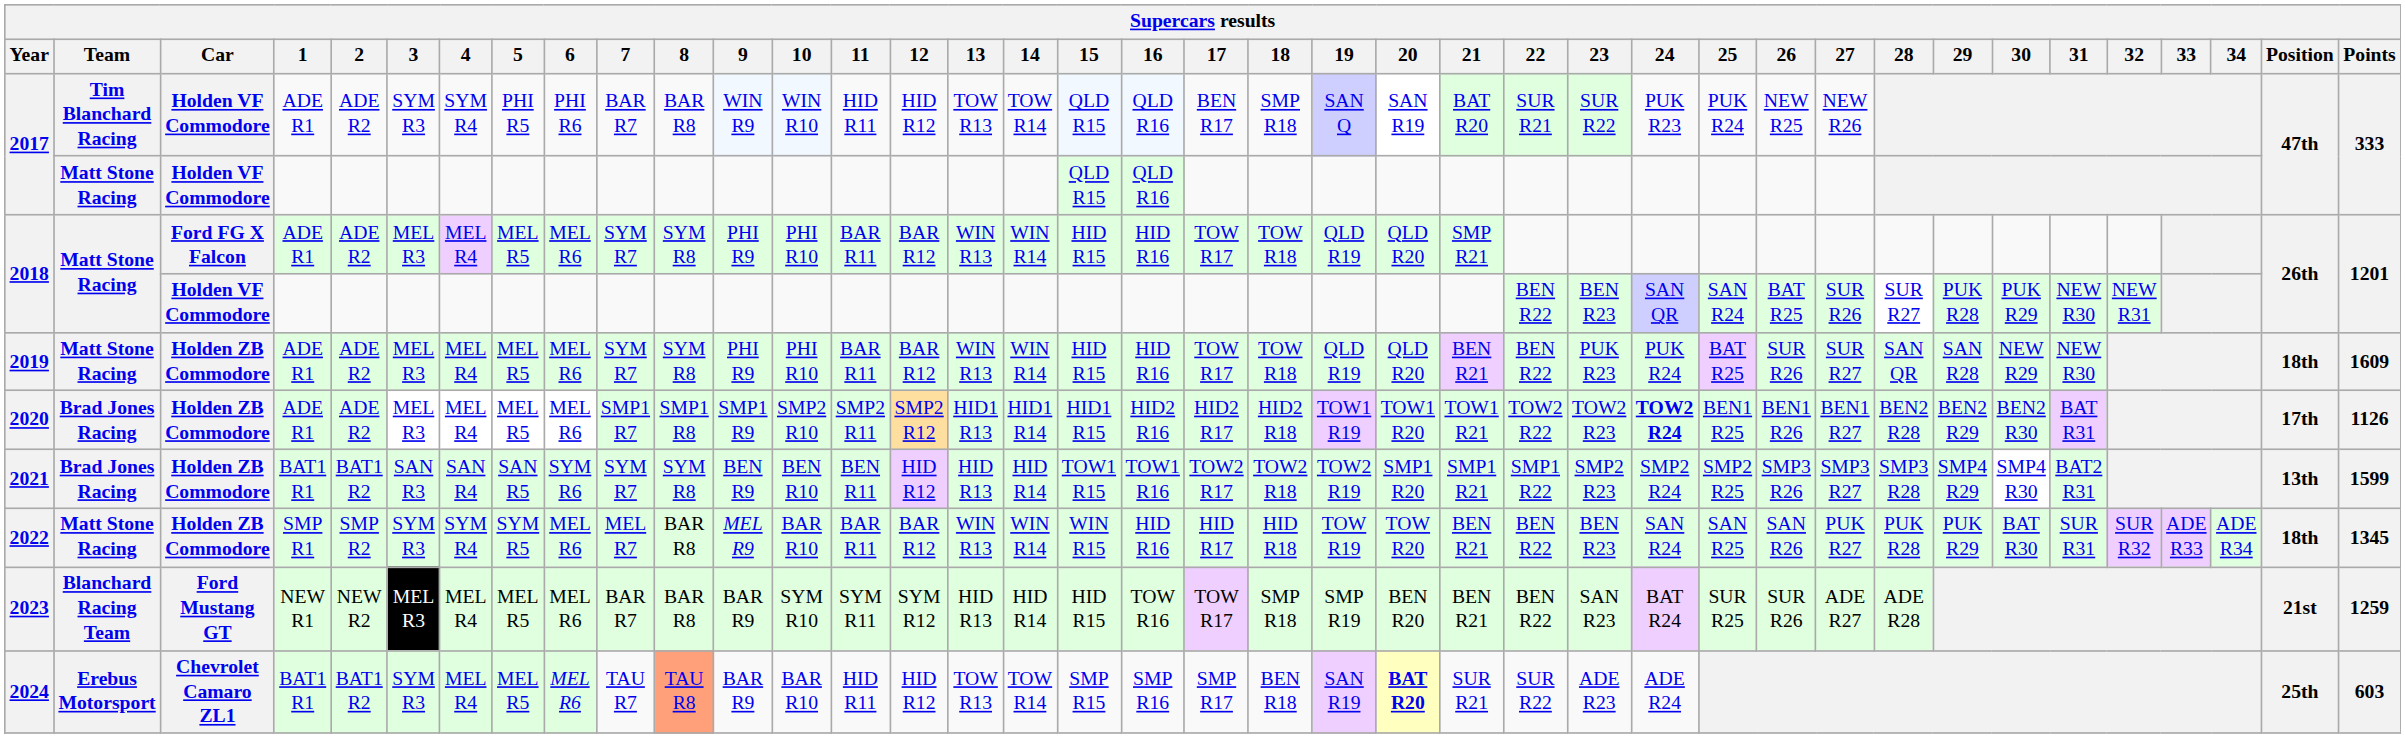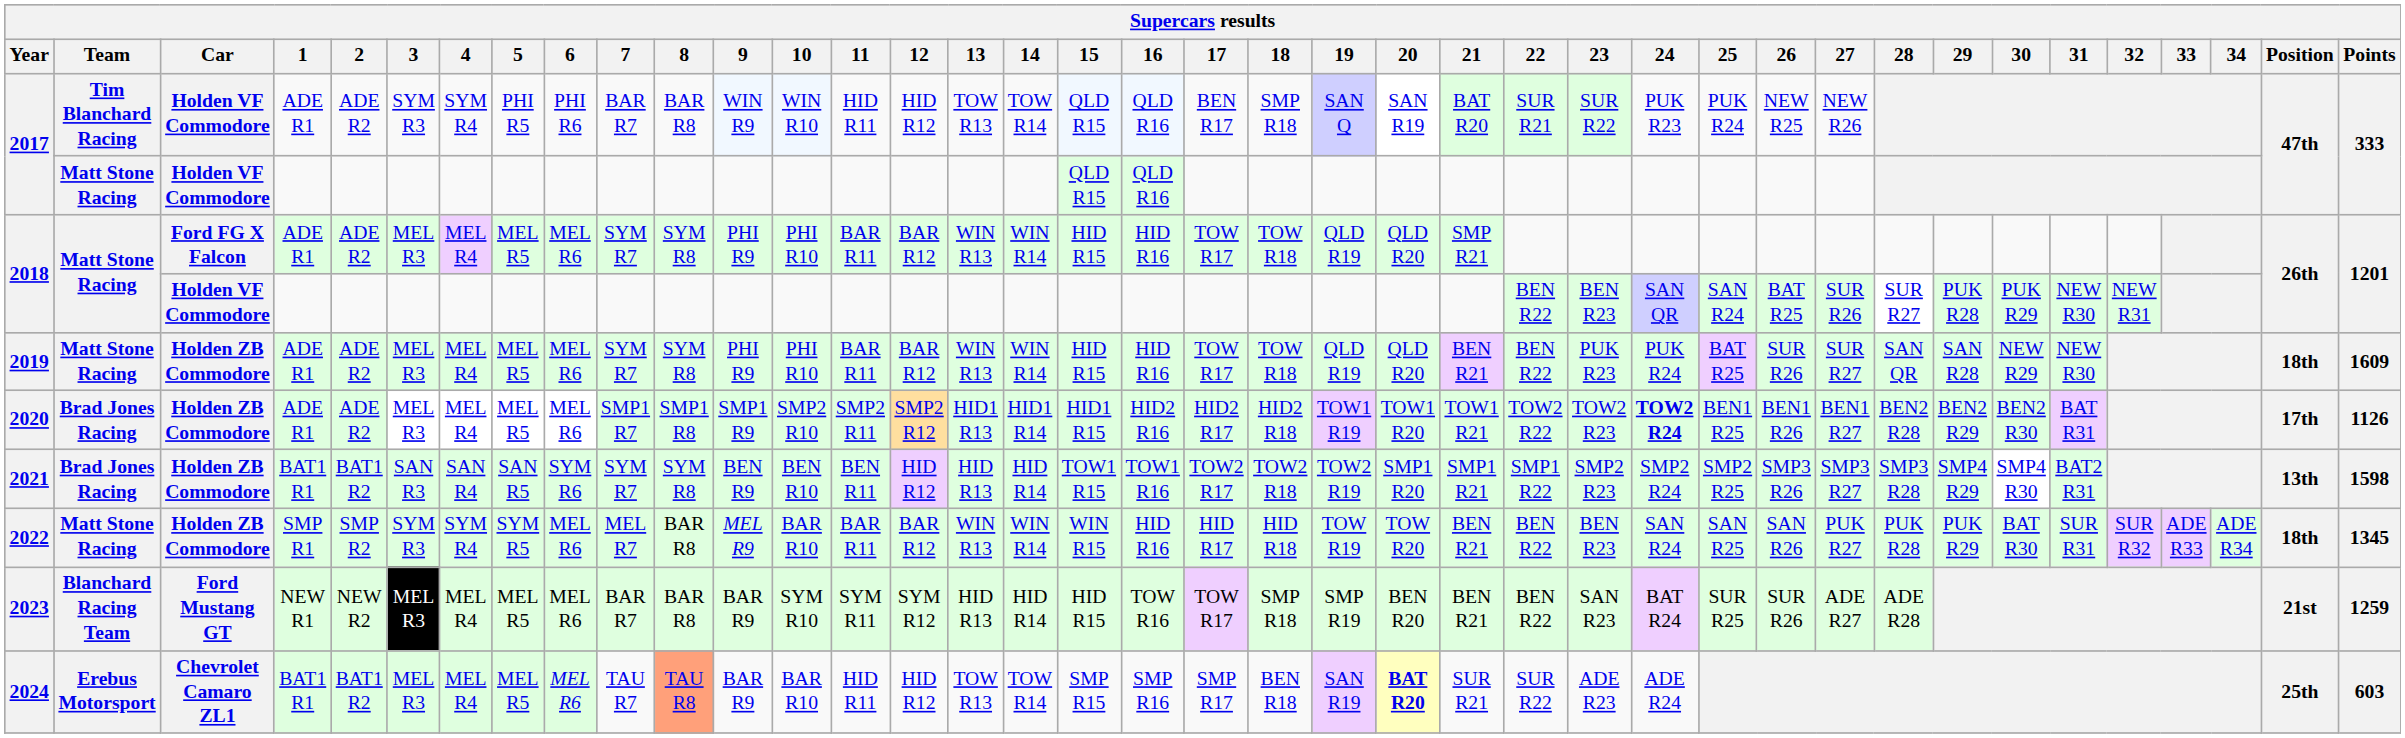 <table class="wikitable" style="text-align:center; font-size:75%">
 <tr>
 <th colspan=45><a href='#'>Supercars</a> results</th>
 </tr>
 <tr>
 <th>Year</th>
 <th>Team</th>
 <th>Car</th>
 <th>1</th>
 <th>2</th>
 <th>3</th>
 <th>4</th>
 <th>5</th>
 <th>6</th>
 <th>7</th>
 <th>8</th>
 <th>9</th>
 <th>10</th>
 <th>11</th>
 <th>12</th>
 <th>13</th>
 <th>14</th>
 <th>15</th>
 <th>16</th>
 <th>17</th>
 <th>18</th>
 <th>19</th>
 <th>20</th>
 <th>21</th>
 <th>22</th>
 <th>23</th>
 <th>24</th>
 <th>25</th>
 <th>26</th>
 <th>27</th>
 <th>28</th>
 <th>29</th>
 <th>30</th>
 <th>31</th>
 <th>32</th>
 <th>33</th>
 <th>34</th>
 <th>Position</th>
 <th>Points</th>
 </tr>
 <tr>
 <th rowspan=2><a href='#'>2017</a></th>
 <th><a href='#'>Tim Blanchard Racing</a></th>
 <th><a href='#'>Holden VF Commodore</a></th>
 <td><a href='#'>ADE<br>R1</a></td>
 <td><a href='#'>ADE<br>R2</a></td>
 <td><a href='#'>SYM<br>R3</a></td>
 <td><a href='#'>SYM<br>R4</a></td>
 <td><a href='#'>PHI<br>R5</a></td>
 <td><a href='#'>PHI<br>R6</a></td>
 <td><a href='#'>BAR<br>R7</a></td>
 <td><a href='#'>BAR<br>R8</a></td>
 <td style="background: #f1f8ff"><a href='#'>WIN<br>R9</a><br></td>
 <td style="background: #f1f8ff"><a href='#'>WIN<br>R10</a><br></td>
 <td><a href='#'>HID<br>R11</a></td>
 <td><a href='#'>HID<br>R12</a></td>
 <td><a href='#'>TOW<br>R13</a></td>
 <td><a href='#'>TOW<br>R14</a></td>
 <td style="background: #f1f8ff"><a href='#'>QLD<br>R15</a><br></td>
 <td style="background: #f1f8ff"><a href='#'>QLD<br>R16</a><br></td>
 <td><a href='#'>BEN<br>R17</a></td>
 <td><a href='#'>SMP<br>R18</a></td>
 <td style="background: #cfcfff"><a href='#'>SAN<br>Q</a><br></td>
 <td style="background: #ffffff"><a href='#'>SAN<br>R19</a><br></td>
 <td style="background: #dfffdf"><a href='#'>BAT<br>R20</a><br></td>
 <td style="background: #dfffdf"><a href='#'>SUR<br>R21</a><br></td>
 <td style="background: #dfffdf"><a href='#'>SUR<br>R22</a><br></td>
 <td><a href='#'>PUK<br>R23</a></td>
 <td><a href='#'>PUK<br>R24</a></td>
 <td><a href='#'>NEW<br>R25</a></td>
 <td><a href='#'>NEW<br>R26</a></td>
 <th colspan=7></th>
 <th rowspan=2>47th</th>
 <th rowspan=2>333</th>
 </tr>
 <tr>
 <th><a href='#'>Matt Stone Racing</a></th>
 <th><a href='#'>Holden VF Commodore</a></th>
 <td></td>
 <td></td>
 <td></td>
 <td></td>
 <td></td>
 <td></td>
 <td></td>
 <td></td>
 <td></td>
 <td></td>
 <td></td>
 <td></td>
 <td></td>
 <td></td>
 <td style="background: #dfffdf"><a href='#'>QLD<br>R15</a><br></td>
 <td style="background: #dfffdf"><a href='#'>QLD<br>R16</a><br></td>
 <td></td>
 <td></td>
 <td></td>
 <td></td>
 <td></td>
 <td></td>
 <td></td>
 <td></td>
 <td></td>
 <td></td>
 <td></td>
 <th colspan=7></th>
 </tr>
 <tr>
 <th rowspan=2><a href='#'>2018</a></th>
 <th rowspan=2><a href='#'>Matt Stone Racing</a></th>
 <th><a href='#'>Ford FG X Falcon</a></th>
 <td style="background: #dfffdf"><a href='#'>ADE<br>R1</a><br></td>
 <td style="background: #dfffdf"><a href='#'>ADE<br>R2</a><br></td>
 <td style="background: #dfffdf"><a href='#'>MEL<br>R3</a><br></td>
 <td style="background: #efcfff"><a href='#'>MEL<br>R4</a><br></td>
 <td style="background: #dfffdf"><a href='#'>MEL<br>R5</a><br></td>
 <td style="background: #dfffdf"><a href='#'>MEL<br>R6</a><br></td>
 <td style="background: #dfffdf"><a href='#'>SYM<br>R7</a><br></td>
 <td style="background: #dfffdf"><a href='#'>SYM<br>R8</a><br></td>
 <td style="background: #dfffdf"><a href='#'>PHI<br>R9</a><br></td>
 <td style="background: #dfffdf"><a href='#'>PHI<br>R10</a><br></td>
 <td style="background: #dfffdf"><a href='#'>BAR<br>R11</a><br></td>
 <td style="background: #dfffdf"><a href='#'>BAR<br>R12</a><br></td>
 <td style="background: #dfffdf"><a href='#'>WIN<br>R13</a><br></td>
 <td style="background: #dfffdf"><a href='#'>WIN<br>R14</a><br></td>
 <td style="background: #dfffdf"><a href='#'>HID<br>R15</a><br></td>
 <td style="background: #dfffdf"><a href='#'>HID<br>R16</a><br></td>
 <td style="background: #dfffdf"><a href='#'>TOW<br>R17</a><br></td>
 <td style="background: #dfffdf"><a href='#'>TOW<br>R18</a><br></td>
 <td style="background: #dfffdf"><a href='#'>QLD<br>R19</a><br></td>
 <td style="background: #dfffdf"><a href='#'>QLD<br>R20</a><br></td>
 <td style="background: #dfffdf"><a href='#'>SMP<br>R21</a><br></td>
 <td></td>
 <td></td>
 <td></td>
 <td></td>
 <td></td>
 <td></td>
 <td></td>
 <td></td>
 <td></td>
 <td></td>
 <td></td>
 <th colspan=2></th>
 <th rowspan=2>26th</th>
 <th rowspan=2>1201</th>
 </tr>
 <tr>
 <th><a href='#'>Holden VF Commodore</a></th>
 <td></td>
 <td></td>
 <td></td>
 <td></td>
 <td></td>
 <td></td>
 <td></td>
 <td></td>
 <td></td>
 <td></td>
 <td></td>
 <td></td>
 <td></td>
 <td></td>
 <td></td>
 <td></td>
 <td></td>
 <td></td>
 <td></td>
 <td></td>
 <td></td>
 <td style="background: #dfffdf"><a href='#'>BEN<br>R22</a><br></td>
 <td style="background: #dfffdf"><a href='#'>BEN<br>R23</a><br></td>
 <td style="background: #cfcfff"><a href='#'>SAN<br>QR</a><br></td>
 <td style="background: #dfffdf"><a href='#'>SAN<br>R24</a><br></td>
 <td style="background: #dfffdf"><a href='#'>BAT<br>R25</a><br></td>
 <td style="background: #dfffdf"><a href='#'>SUR<br>R26</a><br></td>
 <td style="background: #ffffff"><a href='#'>SUR<br>R27</a><br></td>
 <td style="background: #dfffdf"><a href='#'>PUK<br>R28</a><br></td>
 <td style="background: #dfffdf"><a href='#'>PUK<br>R29</a><br></td>
 <td style="background: #dfffdf"><a href='#'>NEW<br>R30</a><br></td>
 <td style="background: #dfffdf"><a href='#'>NEW<br>R31</a><br></td>
 <th colspan=2></th>
 </tr>
 <tr>
 <th><a href='#'>2019</a></th>
 <th><a href='#'>Matt Stone Racing</a></th>
 <th><a href='#'>Holden ZB Commodore</a></th>
 <td style="background: #dfffdf"><a href='#'>ADE<br>R1</a><br></td>
 <td style="background: #dfffdf"><a href='#'>ADE<br>R2</a><br></td>
 <td style="background: #dfffdf"><a href='#'>MEL<br>R3</a><br></td>
 <td style="background: #dfffdf"><a href='#'>MEL<br>R4</a><br></td>
 <td style="background: #dfffdf"><a href='#'>MEL<br>R5</a><br></td>
 <td style="background: #dfffdf"><a href='#'>MEL<br>R6</a><br></td>
 <td style="background: #dfffdf"><a href='#'>SYM<br>R7</a><br></td>
 <td style="background: #dfffdf"><a href='#'>SYM<br>R8</a><br></td>
 <td style="background: #dfffdf"><a href='#'>PHI<br>R9</a><br></td>
 <td style="background: #dfffdf"><a href='#'>PHI<br>R10</a><br></td>
 <td style="background: #dfffdf"><a href='#'>BAR<br>R11</a><br></td>
 <td style="background: #dfffdf"><a href='#'>BAR<br>R12</a><br></td>
 <td style="background: #dfffdf"><a href='#'>WIN<br>R13</a><br></td>
 <td style="background: #dfffdf"><a href='#'>WIN<br>R14</a><br></td>
 <td style="background: #dfffdf"><a href='#'>HID<br>R15</a><br></td>
 <td style="background: #dfffdf"><a href='#'>HID<br>R16</a><br></td>
 <td style="background: #dfffdf"><a href='#'>TOW<br>R17</a><br></td>
 <td style="background: #dfffdf"><a href='#'>TOW<br>R18</a><br></td>
 <td style="background: #dfffdf"><a href='#'>QLD<br>R19</a><br></td>
 <td style="background: #dfffdf"><a href='#'>QLD<br>R20</a><br></td>
 <td style="background: #efcfff"><a href='#'>BEN<br>R21</a><br></td>
 <td style="background: #dfffdf"><a href='#'>BEN<br>R22</a><br></td>
 <td style="background: #dfffdf"><a href='#'>PUK<br>R23</a><br></td>
 <td style="background: #dfffdf"><a href='#'>PUK<br>R24</a><br></td>
 <td style="background: #efcfff"><a href='#'>BAT<br>R25</a><br></td>
 <td style="background: #dfffdf"><a href='#'>SUR<br>R26</a><br></td>
 <td style="background: #dfffdf"><a href='#'>SUR<br>R27</a><br></td>
 <td style="background: #dfffdf"><a href='#'>SAN<br>QR</a><br></td>
 <td style="background: #dfffdf"><a href='#'>SAN<br>R28</a><br></td>
 <td style="background: #dfffdf"><a href='#'>NEW<br>R29</a><br></td>
 <td style="background: #dfffdf"><a href='#'>NEW<br>R30</a><br></td>
 <th colspan=3></th>
 <th>18th</th>
 <th>1609</th>
 </tr>
 <tr>
 <th><a href='#'>2020</a></th>
 <th><a href='#'>Brad Jones Racing</a></th>
 <th><a href='#'>Holden ZB Commodore</a></th>
 <td style="background: #dfffdf"><a href='#'>ADE<br>R1</a><br></td>
 <td style="background: #dfffdf"><a href='#'>ADE<br>R2</a><br></td>
 <td style="background: #ffffff"><a href='#'>MEL<br>R3</a><br></td>
 <td style="background: #ffffff"><a href='#'>MEL<br>R4</a><br></td>
 <td style="background: #ffffff"><a href='#'>MEL<br>R5</a><br></td>
 <td style="background: #ffffff"><a href='#'>MEL<br>R6</a><br></td>
 <td style="background: #dfffdf"><a href='#'>SMP1<br>R7</a><br></td>
 <td style="background: #dfffdf"><a href='#'>SMP1<br>R8</a><br></td>
 <td style="background: #dfffdf"><a href='#'>SMP1<br>R9</a><br></td>
 <td style="background: #dfffdf"><a href='#'>SMP2<br>R10</a><br></td>
 <td style="background: #dfffdf"><a href='#'>SMP2<br>R11</a><br></td>
 <td style="background: #ffdf9f"><a href='#'>SMP2<br>R12</a><br></td>
 <td style="background: #dfffdf"><a href='#'>HID1<br>R13</a><br></td>
 <td style="background: #dfffdf"><a href='#'>HID1<br>R14</a><br></td>
 <td style="background: #dfffdf"><a href='#'>HID1<br>R15</a><br></td>
 <td style="background: #dfffdf"><a href='#'>HID2<br>R16</a><br></td>
 <td style="background: #dfffdf"><a href='#'>HID2<br>R17</a><br></td>
 <td style="background: #dfffdf"><a href='#'>HID2<br>R18</a><br></td>
 <td style="background: #efcfff"><a href='#'>TOW1<br>R19</a><br></td>
 <td style="background: #dfffdf"><a href='#'>TOW1<br>R20</a><br></td>
 <td style="background: #dfffdf"><a href='#'>TOW1<br>R21</a><br></td>
 <td style="background: #dfffdf"><a href='#'>TOW2<br>R22</a><br></td>
 <td style="background: #dfffdf"><a href='#'>TOW2<br>R23</a><br></td>
 <td style="background: #dfffdf"><strong><a href='#'>TOW2<br>R24</a><br></strong></td>
 <td style="background: #dfffdf"><a href='#'>BEN1<br>R25</a><br></td>
 <td style="background: #dfffdf"><a href='#'>BEN1<br>R26</a><br></td>
 <td style="background: #dfffdf"><a href='#'>BEN1<br>R27</a><br></td>
 <td style="background: #dfffdf"><a href='#'>BEN2<br>R28</a><br></td>
 <td style="background: #dfffdf"><a href='#'>BEN2<br>R29</a><br></td>
 <td style="background: #dfffdf"><a href='#'>BEN2<br>R30</a><br></td>
 <td style="background: #efcfff"><a href='#'>BAT<br>R31</a><br></td>
 <th colspan=3></th>
 <th>17th</th>
 <th>1126</th>
 </tr>
 <tr>
 <th><a href='#'>2021</a></th>
 <th><a href='#'>Brad Jones Racing</a></th>
 <th><a href='#'>Holden ZB Commodore</a></th>
 <td style="background: #dfffdf"><a href='#'>BAT1<br>R1</a><br></td>
 <td style="background: #dfffdf"><a href='#'>BAT1<br>R2</a><br></td>
 <td style="background: #dfffdf"><a href='#'>SAN<br>R3</a><br></td>
 <td style="background: #dfffdf"><a href='#'>SAN<br>R4</a><br></td>
 <td style="background: #dfffdf"><a href='#'>SAN<br>R5</a><br></td>
 <td style="background: #dfffdf"><a href='#'>SYM<br>R6</a><br></td>
 <td style="background: #dfffdf"><a href='#'>SYM<br>R7</a><br></td>
 <td style="background: #dfffdf"><a href='#'>SYM<br>R8</a><br></td>
 <td style="background: #dfffdf"><a href='#'>BEN<br>R9</a><br></td>
 <td style="background: #dfffdf"><a href='#'>BEN<br>R10</a><br></td>
 <td style="background: #dfffdf"><a href='#'>BEN<br>R11</a><br></td>
 <td style="background: #efcfff"><a href='#'>HID<br>R12</a><br></td>
 <td style="background: #dfffdf"><a href='#'>HID<br>R13</a><br></td>
 <td style="background: #dfffdf"><a href='#'>HID<br>R14</a><br></td>
 <td style="background: #dfffdf"><a href='#'>TOW1<br>R15</a><br></td>
 <td style="background: #dfffdf"><a href='#'>TOW1<br>R16</a><br></td>
 <td style="background: #dfffdf"><a href='#'>TOW2<br>R17</a><br></td>
 <td style="background: #dfffdf"><a href='#'>TOW2<br>R18</a><br></td>
 <td style="background: #dfffdf"><a href='#'>TOW2<br>R19</a><br></td>
 <td style="background: #dfffdf"><a href='#'>SMP1<br>R20</a><br></td>
 <td style="background: #dfffdf"><a href='#'>SMP1<br>R21</a><br></td>
 <td style="background: #dfffdf"><a href='#'>SMP1<br>R22</a><br></td>
 <td style="background: #dfffdf"><a href='#'>SMP2<br>R23</a><br></td>
 <td style="background: #dfffdf"><a href='#'>SMP2<br>R24</a><br></td>
 <td style="background: #dfffdf"><a href='#'>SMP2<br>R25</a><br></td>
 <td style="background: #dfffdf"><a href='#'>SMP3<br>R26</a><br></td>
 <td style="background: #dfffdf"><a href='#'>SMP3<br>R27</a><br></td>
 <td style="background: #dfffdf"><a href='#'>SMP3<br>R28</a><br></td>
 <td style="background: #dfffdf"><a href='#'>SMP4<br>R29</a><br></td>
 <td style="background: #ffffff"><a href='#'>SMP4<br>R30</a><br></td>
 <td style="background: #dfffdf"><a href='#'>BAT2<br>R31</a><br></td>
 <th colspan=3></th>
 <th>13th</th>
-<th>1599</th>
+<th>1598</th>
 </tr>
 <tr>
 <th><a href='#'>2022</a></th>
 <th><a href='#'>Matt Stone Racing</a></th>
 <th><a href='#'>Holden ZB Commodore</a></th>
 <td style="background:#dfffdf"><a href='#'>SMP<br>R1</a><br></td>
 <td style="background:#dfffdf"><a href='#'>SMP<br>R2</a><br></td>
 <td style="background:#dfffdf"><a href='#'>SYM<br>R3</a><br></td>
 <td style="background:#dfffdf"><a href='#'>SYM<br>R4</a><br></td>
 <td style="background:#dfffdf"><a href='#'>SYM<br>R5</a><br></td>
 <td style="background:#dfffdf"><a href='#'>MEL<br>R6</a><br></td>
 <td style="background:#dfffdf"><a href='#'>MEL<br>R7</a><br></td>
 <td style="background:#dfffdf">BAR<br>R8<br></td>
 <td style="background:#dfffdf"><em><a href='#'>MEL<br>R9</a></em><br></td>
 <td style="background:#dfffdf"><a href='#'>BAR<br>R10</a><br></td>
 <td style="background:#dfffdf"><a href='#'>BAR<br>R11</a><br></td>
 <td style="background:#dfffdf"><a href='#'>BAR<br>R12</a><br></td>
 <td style="background:#dfffdf"><a href='#'>WIN<br>R13</a><br></td>
 <td style="background:#dfffdf"><a href='#'>WIN<br>R14</a><br></td>
 <td style="background:#dfffdf"><a href='#'>WIN<br>R15</a><br></td>
 <td style="background:#dfffdf"><a href='#'>HID<br>R16</a><br></td>
 <td style="background:#dfffdf"><a href='#'>HID<br>R17</a><br></td>
 <td style="background:#dfffdf"><a href='#'>HID<br>R18</a><br></td>
 <td style="background:#dfffdf"><a href='#'>TOW<br>R19</a><br></td>
 <td style="background:#dfffdf"><a href='#'>TOW<br>R20</a><br></td>
 <td style="background:#dfffdf"><a href='#'>BEN<br>R21</a><br></td>
 <td style="background:#dfffdf"><a href='#'>BEN<br>R22</a><br></td>
 <td style="background:#dfffdf"><a href='#'>BEN<br>R23</a><br></td>
 <td style="background:#dfffdf"><a href='#'>SAN<br>R24</a><br></td>
 <td style="background:#dfffdf"><a href='#'>SAN<br>R25</a><br></td>
 <td style="background:#dfffdf"><a href='#'>SAN<br>R26</a><br></td>
 <td style="background:#dfffdf"><a href='#'>PUK<br>R27</a><br></td>
 <td style="background:#dfffdf"><a href='#'>PUK<br>R28</a><br></td>
 <td style="background:#dfffdf"><a href='#'>PUK<br>R29</a><br></td>
 <td style="background:#dfffdf"><a href='#'>BAT<br>R30</a><br></td>
 <td style="background:#dfffdf"><a href='#'>SUR<br>R31</a><br></td>
 <td style="background:#efcfff"><a href='#'>SUR<br>R32</a><br></td>
 <td style="background:#efcfff"><a href='#'>ADE<br>R33</a><br></td>
 <td style="background:#dfffdf"><a href='#'>ADE<br>R34</a><br></td>
 <th>18th</th>
 <th>1345</th>
 </tr>
 <tr>
 <th><a href='#'>2023</a></th>
 <th><a href='#'>Blanchard Racing Team</a></th>
 <th><a href='#'>Ford Mustang GT</a></th>
 <td style="background:#dfffdf">NEW<br>R1<br></td>
 <td style="background:#dfffdf">NEW<br>R2<br></td>
 <td style="background: #000000; color:white"><span> MEL<br>R3</span><br></td>
 <td style="background:#dfffdf">MEL<br>R4<br></td>
 <td style="background:#dfffdf">MEL<br>R5<br></td>
 <td style="background:#dfffdf">MEL<br>R6<br></td>
 <td style="background:#dfffdf">BAR<br>R7<br></td>
 <td style="background:#dfffdf">BAR<br>R8<br></td>
 <td style="background:#dfffdf">BAR<br>R9<br></td>
 <td style="background:#dfffdf">SYM<br>R10<br></td>
 <td style="background:#dfffdf">SYM<br>R11<br></td>
 <td style="background:#dfffdf">SYM<br>R12<br></td>
 <td style="background:#dfffdf">HID<br>R13<br></td>
 <td style="background:#dfffdf">HID<br>R14<br></td>
 <td style="background:#dfffdf">HID<br>R15<br></td>
 <td style="background:#dfffdf">TOW<br>R16<br></td>
 <td style="background:#efcfff">TOW<br>R17<br></td>
 <td style="background:#dfffdf">SMP<br>R18<br></td>
 <td style="background:#dfffdf">SMP<br>R19<br></td>
 <td style="background:#dfffdf">BEN<br>R20<br></td>
 <td style="background:#dfffdf">BEN<br>R21<br></td>
 <td style="background:#dfffdf">BEN<br>R22<br></td>
 <td style="background:#dfffdf">SAN<br>R23<br></td>
 <td style="background:#efcfff">BAT<br>R24<br></td>
 <td style="background:#dfffdf">SUR<br>R25<br></td>
 <td style="background:#dfffdf">SUR<br>R26<br></td>
 <td style="background:#dfffdf">ADE<br>R27<br></td>
 <td style="background:#dfffdf">ADE<br>R28<br></td>
 <th colspan=6></th>
 <th style="background:">21st</th>
 <th style="background:">1259</th>
 </tr>
 <tr>
 <th><a href='#'>2024</a></th>
 <th><a href='#'>Erebus Motorsport</a></th>
 <th><a href='#'>Chevrolet Camaro ZL1</a></th>
 <td style=background:#dfffdf><a href='#'>BAT1<br>R1</a><br></td>
 <td style=background:#dfffdf><a href='#'>BAT1<br>R2</a><br></td>
-<td style="background:#dfffdf"><a href='#'>SYM<br>R3</a><br></td>
+<td style=background:#dfffdf><a href='#'>MEL<br>R3</a><br></td>
 <td style=background:#dfffdf><a href='#'>MEL<br>R4</a><br></td>
 <td style=background:#dfffdf><a href='#'>MEL<br>R5</a><br></td>
 <td style=background:#dfffdf><em><a href='#'>MEL<br>R6</a></em><br></td>
 <td><a href='#'>TAU<br>R7</a></td>
 <td style="background: lightsalmon;"><a href='#'>TAU<br>R8</a></td>
 <td><a href='#'>BAR<br>R9</a></td>
 <td><a href='#'>BAR<br>R10</a></td>
 <td><a href='#'>HID<br>R11</a></td>
 <td><a href='#'>HID<br>R12</a></td>
 <td><a href='#'>TOW<br>R13</a></td>
 <td><a href='#'>TOW<br>R14</a></td>
 <td><a href='#'>SMP<br>R15</a></td>
 <td><a href='#'>SMP<br>R16</a></td>
 <td><a href='#'>SMP<br>R17</a></td>
 <td><a href='#'>BEN<br>R18</a></td>
 <td style=background:#efcfff><a href='#'>SAN<br>R19</a><br></td>
 <td style=background:#ffffbf><strong><a href='#'>BAT<br>R20</a><br></strong></td>
 <td><a href='#'>SUR<br>R21</a></td>
 <td><a href='#'>SUR<br>R22</a></td>
 <td><a href='#'>ADE<br>R23</a></td>
 <td><a href='#'>ADE<br>R24</a></td>
 <th colspan=10></th>
 <th>25th</th>
 <th>603</th>
 </tr>
 </table>
